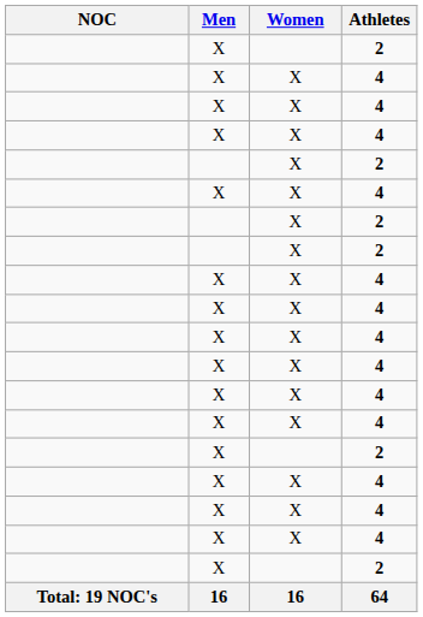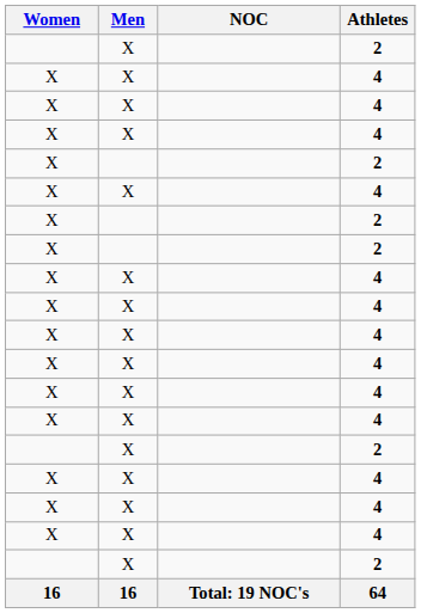 <table class="wikitable" width=340 style="text-align:center; font-size:90%">
 <tr>
+<th><a href='#'>Women</a></th>
+<th><a href='#'>Men</a></th>
 <th>NOC</th>
-<th><a href='#'>Men</a></th>
-<th><a href='#'>Women</a></th>
 <th width=55>Athletes</th>
 </tr>
 <tr>
+<td></td>
+<td>X</td>
 <td align=left></td>
-<td>X</td>
-<td></td>
 <td><strong>2</strong></td>
 </tr>
 <tr>
-<td align=left></td>
 <td>X</td>
 <td>X</td>
+<td align=left></td>
 <td><strong>4</strong></td>
 </tr>
 <tr>
-<td align=left></td>
 <td>X</td>
 <td>X</td>
+<td align=left></td>
 <td><strong>4</strong></td>
 </tr>
 <tr>
-<td align=left></td>
 <td>X</td>
 <td>X</td>
+<td align=left></td>
 <td><strong>4</strong></td>
 </tr>
 <tr>
+<td>X</td>
+<td></td>
 <td align=left></td>
-<td></td>
-<td>X</td>
 <td><strong>2</strong></td>
 </tr>
 <tr>
-<td align=left></td>
 <td>X</td>
 <td>X</td>
+<td align=left></td>
 <td><strong>4</strong></td>
 </tr>
 <tr>
+<td>X</td>
+<td></td>
 <td align=left></td>
-<td></td>
-<td>X</td>
 <td><strong>2</strong></td>
 </tr>
 <tr>
+<td>X</td>
+<td></td>
 <td align=left></td>
-<td></td>
-<td>X</td>
 <td><strong>2</strong></td>
 </tr>
 <tr>
-<td align=left></td>
 <td>X</td>
 <td>X</td>
+<td align=left></td>
 <td><strong>4</strong></td>
 </tr>
 <tr>
-<td align=left></td>
 <td>X</td>
 <td>X</td>
+<td align=left></td>
 <td><strong>4</strong></td>
 </tr>
 <tr>
-<td align=left></td>
 <td>X</td>
 <td>X</td>
+<td align=left></td>
 <td><strong>4</strong></td>
 </tr>
 <tr>
-<td align=left></td>
 <td>X</td>
 <td>X</td>
+<td align=left></td>
 <td><strong>4</strong></td>
 </tr>
 <tr>
-<td align=left></td>
 <td>X</td>
 <td>X</td>
+<td align=left></td>
 <td><strong>4</strong></td>
 </tr>
 <tr>
-<td align=left></td>
 <td>X</td>
 <td>X</td>
+<td align=left></td>
 <td><strong>4</strong></td>
 </tr>
 <tr>
+<td></td>
+<td>X</td>
 <td align=left></td>
-<td>X</td>
-<td></td>
 <td><strong>2</strong></td>
 </tr>
 <tr>
-<td align=left></td>
 <td>X</td>
 <td>X</td>
+<td align=left></td>
 <td><strong>4</strong></td>
 </tr>
 <tr>
-<td align=left></td>
 <td>X</td>
 <td>X</td>
+<td align=left></td>
 <td><strong>4</strong></td>
 </tr>
 <tr>
-<td align=left></td>
 <td>X</td>
 <td>X</td>
+<td align=left></td>
 <td><strong>4</strong></td>
 </tr>
 <tr>
+<td></td>
+<td>X</td>
 <td align=left></td>
-<td>X</td>
-<td></td>
 <td><strong>2</strong></td>
 </tr>
 <tr>
-<th>Total: 19 NOC's</th>
 <th>16</th>
 <th>16</th>
+<th>Total: 19 NOC's</th>
 <th>64</th>
 </tr>
 </table>
